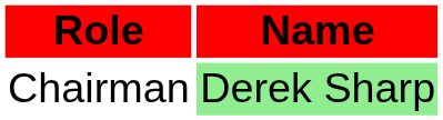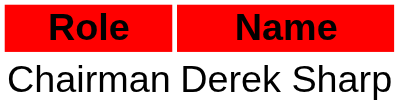 <table class="toccolours">
 <tr>
 <th style="background:red;">Role</th>
 <th style="background:red;">Name</th>
 </tr>
 <tr>
 <td>Chairman</td>
-<td style="background: lightgreen;"> Derek Sharp</td>
+<td> Derek Sharp</td>
 </tr>
 </table>
